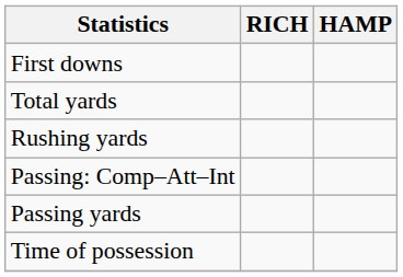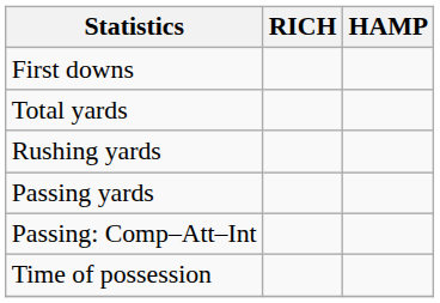 <table class="wikitable" style="float: left;">
 <tr>
 <th>Statistics</th>
 <th>RICH</th>
 <th>HAMP</th>
 </tr>
 <tr>
 <td>First downs</td>
 <td></td>
 <td></td>
 </tr>
 <tr>
 <td>Total yards</td>
 <td></td>
 <td></td>
 </tr>
 <tr>
 <td>Rushing yards</td>
 <td></td>
 <td></td>
 </tr>
 <tr>
-<td>Passing: Comp–Att–Int</td>
+<td>Passing yards</td>
 <td></td>
 <td></td>
 </tr>
 <tr>
-<td>Passing yards</td>
+<td>Passing: Comp–Att–Int</td>
 <td></td>
 <td></td>
 </tr>
 <tr>
 <td>Time of possession</td>
 <td></td>
 <td></td>
 </tr>
 <tr>
 </tr>
 </table>
